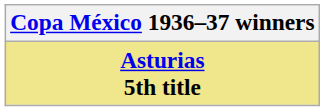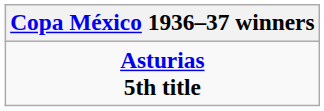 <table class="wikitable" style="text-align: center; margin: 0 auto;">
 <tr>
 <th><a href='#'>Copa México</a> 1936–37 winners</th>
 </tr>
 <tr>
-<td style="background: khaki;"><strong><a href='#'>Asturias</a></strong><br><strong>5th title</strong></td>
+<td><strong><a href='#'>Asturias</a></strong><br><strong>5th title</strong></td>
 </tr>
 </table>
